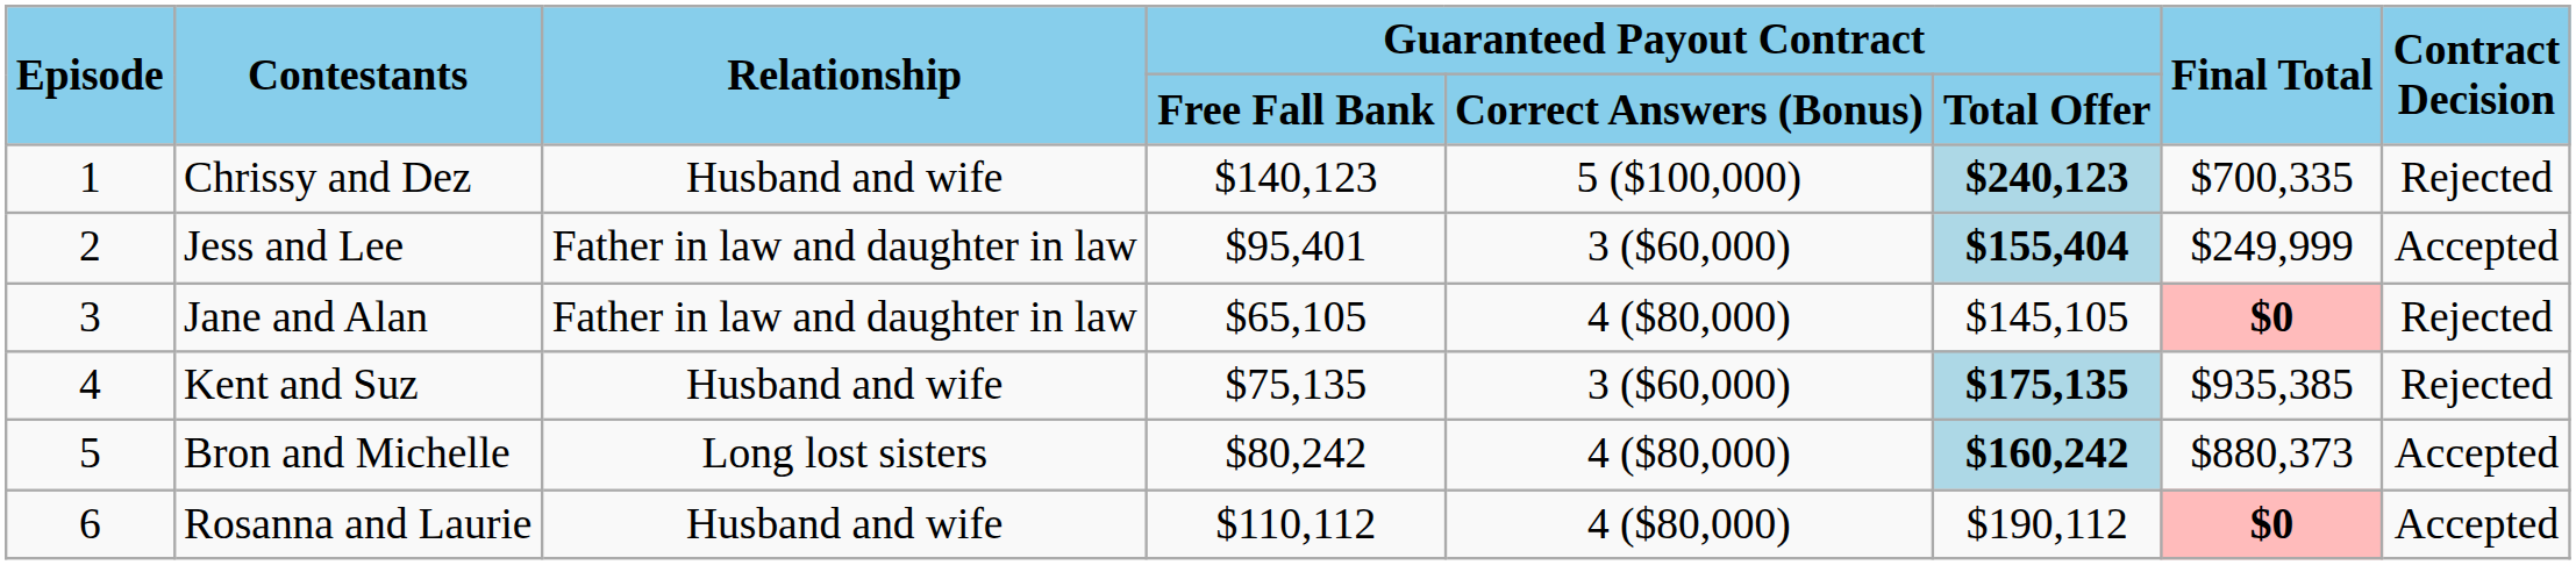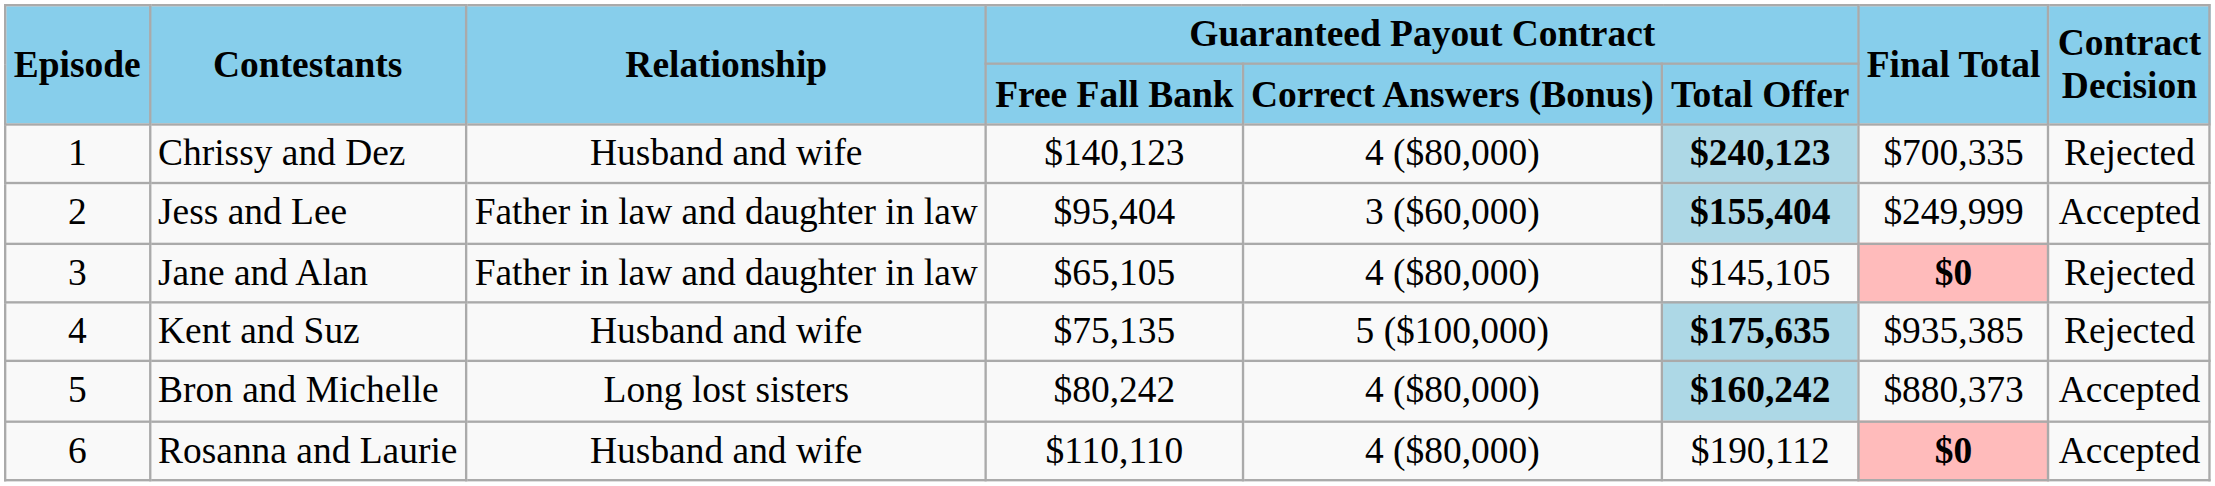 <table class="wikitable">
 <tr style="text-align: center">
 <th rowspan="2" style="background-color:skyblue;">Episode</th>
 <th rowspan="2" style="background-color:skyblue;">Contestants</th>
 <th rowspan="2" style="background-color:skyblue;">Relationship</th>
 <th colspan="3" style="background-color:skyblue;">Guaranteed Payout Contract</th>
 <th rowspan="2" style="background-color:skyblue;">Final Total</th>
 <th rowspan="2" style="background-color:skyblue;">Contract<br>Decision</th>
 </tr>
 <tr style="text-align: center">
 <th style="background-color:skyblue;">Free Fall Bank</th>
 <th style="background-color:skyblue;">Correct Answers (Bonus)</th>
 <th style="background-color:skyblue;">Total Offer</th>
 </tr>
 <tr style="text-align: center">
 <td>1</td>
 <td style="text-align: left">Chrissy and Dez</td>
 <td>Husband and wife</td>
 <td>$140,123</td>
-<td>5 ($100,000)</td>
+<td>4 ($80,000)</td>
 <td style="background-color: lightblue"><strong>$240,123</strong></td>
 <td>$700,335</td>
 <td>Rejected</td>
 </tr>
 <tr style="text-align: center">
 <td>2</td>
 <td style="text-align: left">Jess and Lee</td>
 <td>Father in law and daughter in law</td>
-<td>$95,401</td>
+<td>$95,404</td>
 <td>3 ($60,000)</td>
 <td style="background-color: lightblue"><strong>$155,404</strong></td>
 <td>$249,999</td>
 <td>Accepted</td>
 </tr>
 <tr style="text-align: center">
 <td>3</td>
 <td style="text-align: left">Jane and Alan</td>
 <td>Father in law and daughter in law</td>
 <td>$65,105</td>
 <td>4 ($80,000)</td>
 <td>$145,105</td>
 <td style="background-color: #ffbbbb"><strong>$0</strong></td>
 <td>Rejected</td>
 </tr>
 <tr style="text-align: center">
 <td>4</td>
 <td style="text-align: left">Kent and Suz</td>
 <td>Husband and wife</td>
 <td>$75,135</td>
-<td>3 ($60,000)</td>
-<td style="background-color: lightblue"><strong>$175,135</strong></td>
+<td>5 ($100,000)</td>
+<td style="background-color: lightblue"><strong>$175,635</strong></td>
 <td>$935,385</td>
 <td>Rejected</td>
 </tr>
 <tr style="text-align: center">
 <td>5</td>
 <td style="text-align: left">Bron and Michelle</td>
 <td>Long lost sisters</td>
 <td>$80,242</td>
 <td>4 ($80,000)</td>
 <td style="background-color: lightblue"><strong>$160,242</strong></td>
 <td>$880,373</td>
 <td>Accepted</td>
 </tr>
 <tr style="text-align: center">
 <td>6</td>
 <td style="text-align: left">Rosanna and Laurie</td>
 <td>Husband and wife</td>
-<td>$110,112</td>
+<td>$110,110</td>
 <td>4 ($80,000)</td>
 <td>$190,112</td>
 <td style="background-color: #ffbbbb"><strong>$0</strong></td>
 <td>Accepted</td>
 </tr>
 </table>
